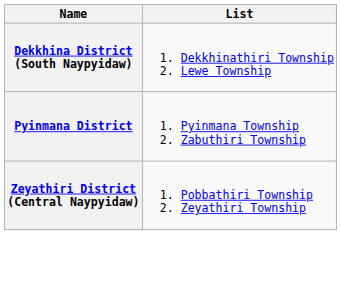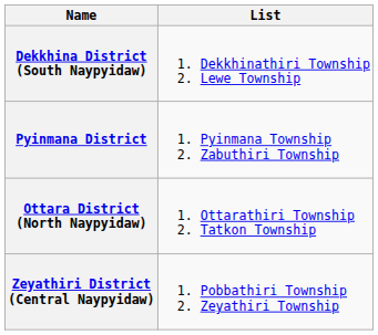 <table class=wikitable>
 <tr>
 <th>Name</th>
 <th>List</th>
 </tr>
 <tr>
 <th><a href='#'>Dekkhina District</a><br>(South Naypyidaw)</th>
 <td><br><ol><li><a href='#'>Dekkhinathiri Township</a></li><li><a href='#'>Lewe Township</a></li></ol></td>
 </tr>
 <tr>
 <th><a href='#'>Pyinmana District</a></th>
 <td><br><ol><li><a href='#'>Pyinmana Township</a></li><li><a href='#'>Zabuthiri Township</a></li></ol></td>
 </tr>
 <tr>
+<th><a href='#'>Ottara District</a><br>(North Naypyidaw)</th>
+<td><br><ol><li><a href='#'>Ottarathiri Township</a></li><li><a href='#'>Tatkon Township</a></li></ol></td>
+</tr>
+<tr>
 <th><a href='#'>Zeyathiri District</a><br>(Central Naypyidaw)</th>
 <td><br><ol><li><a href='#'>Pobbathiri Township</a></li><li><a href='#'>Zeyathiri Township</a></li></ol></td>
 </tr>
 </table>
